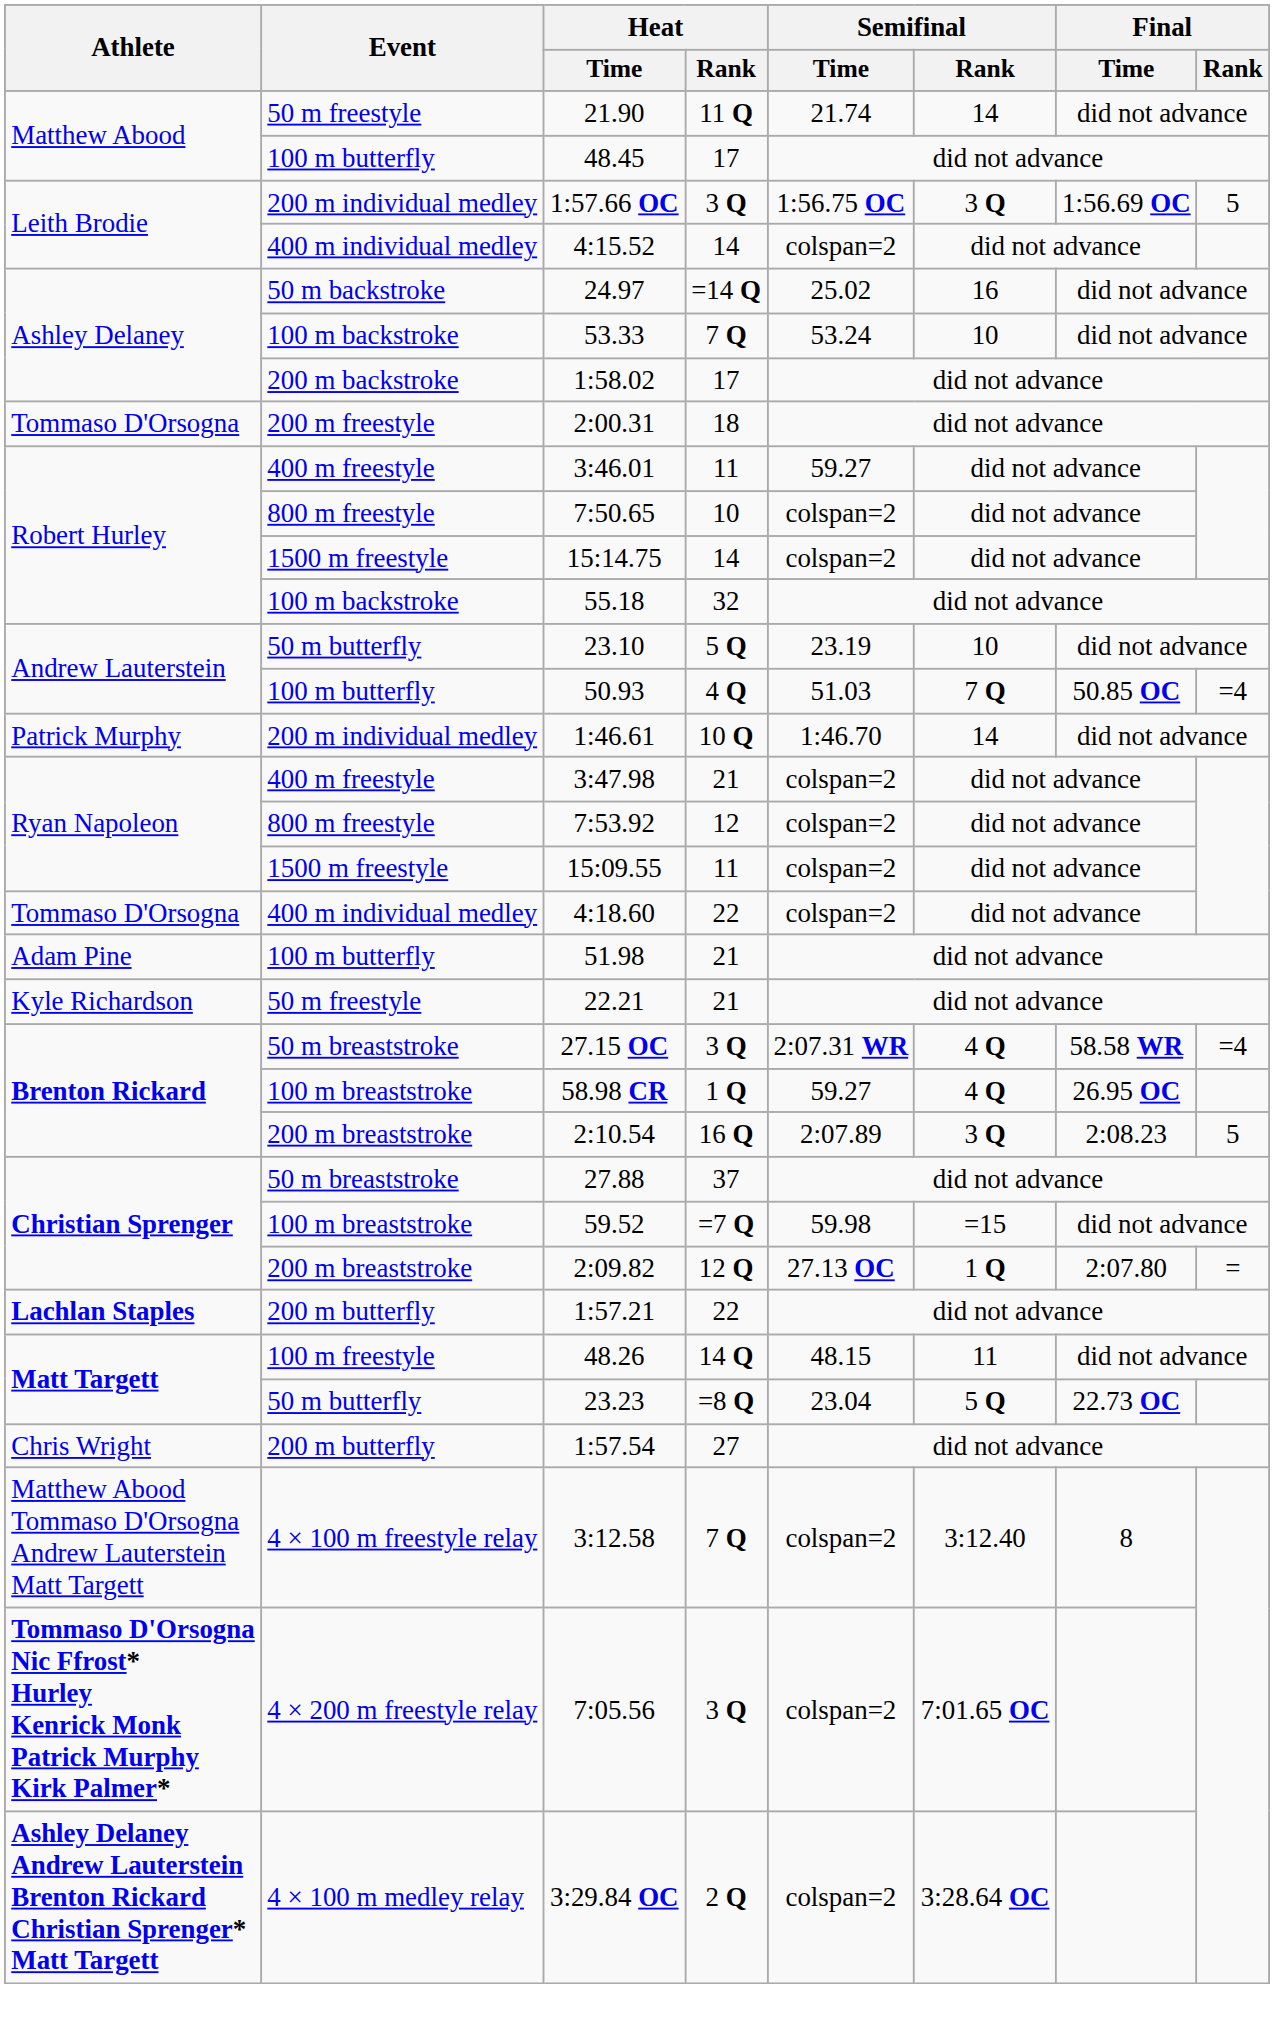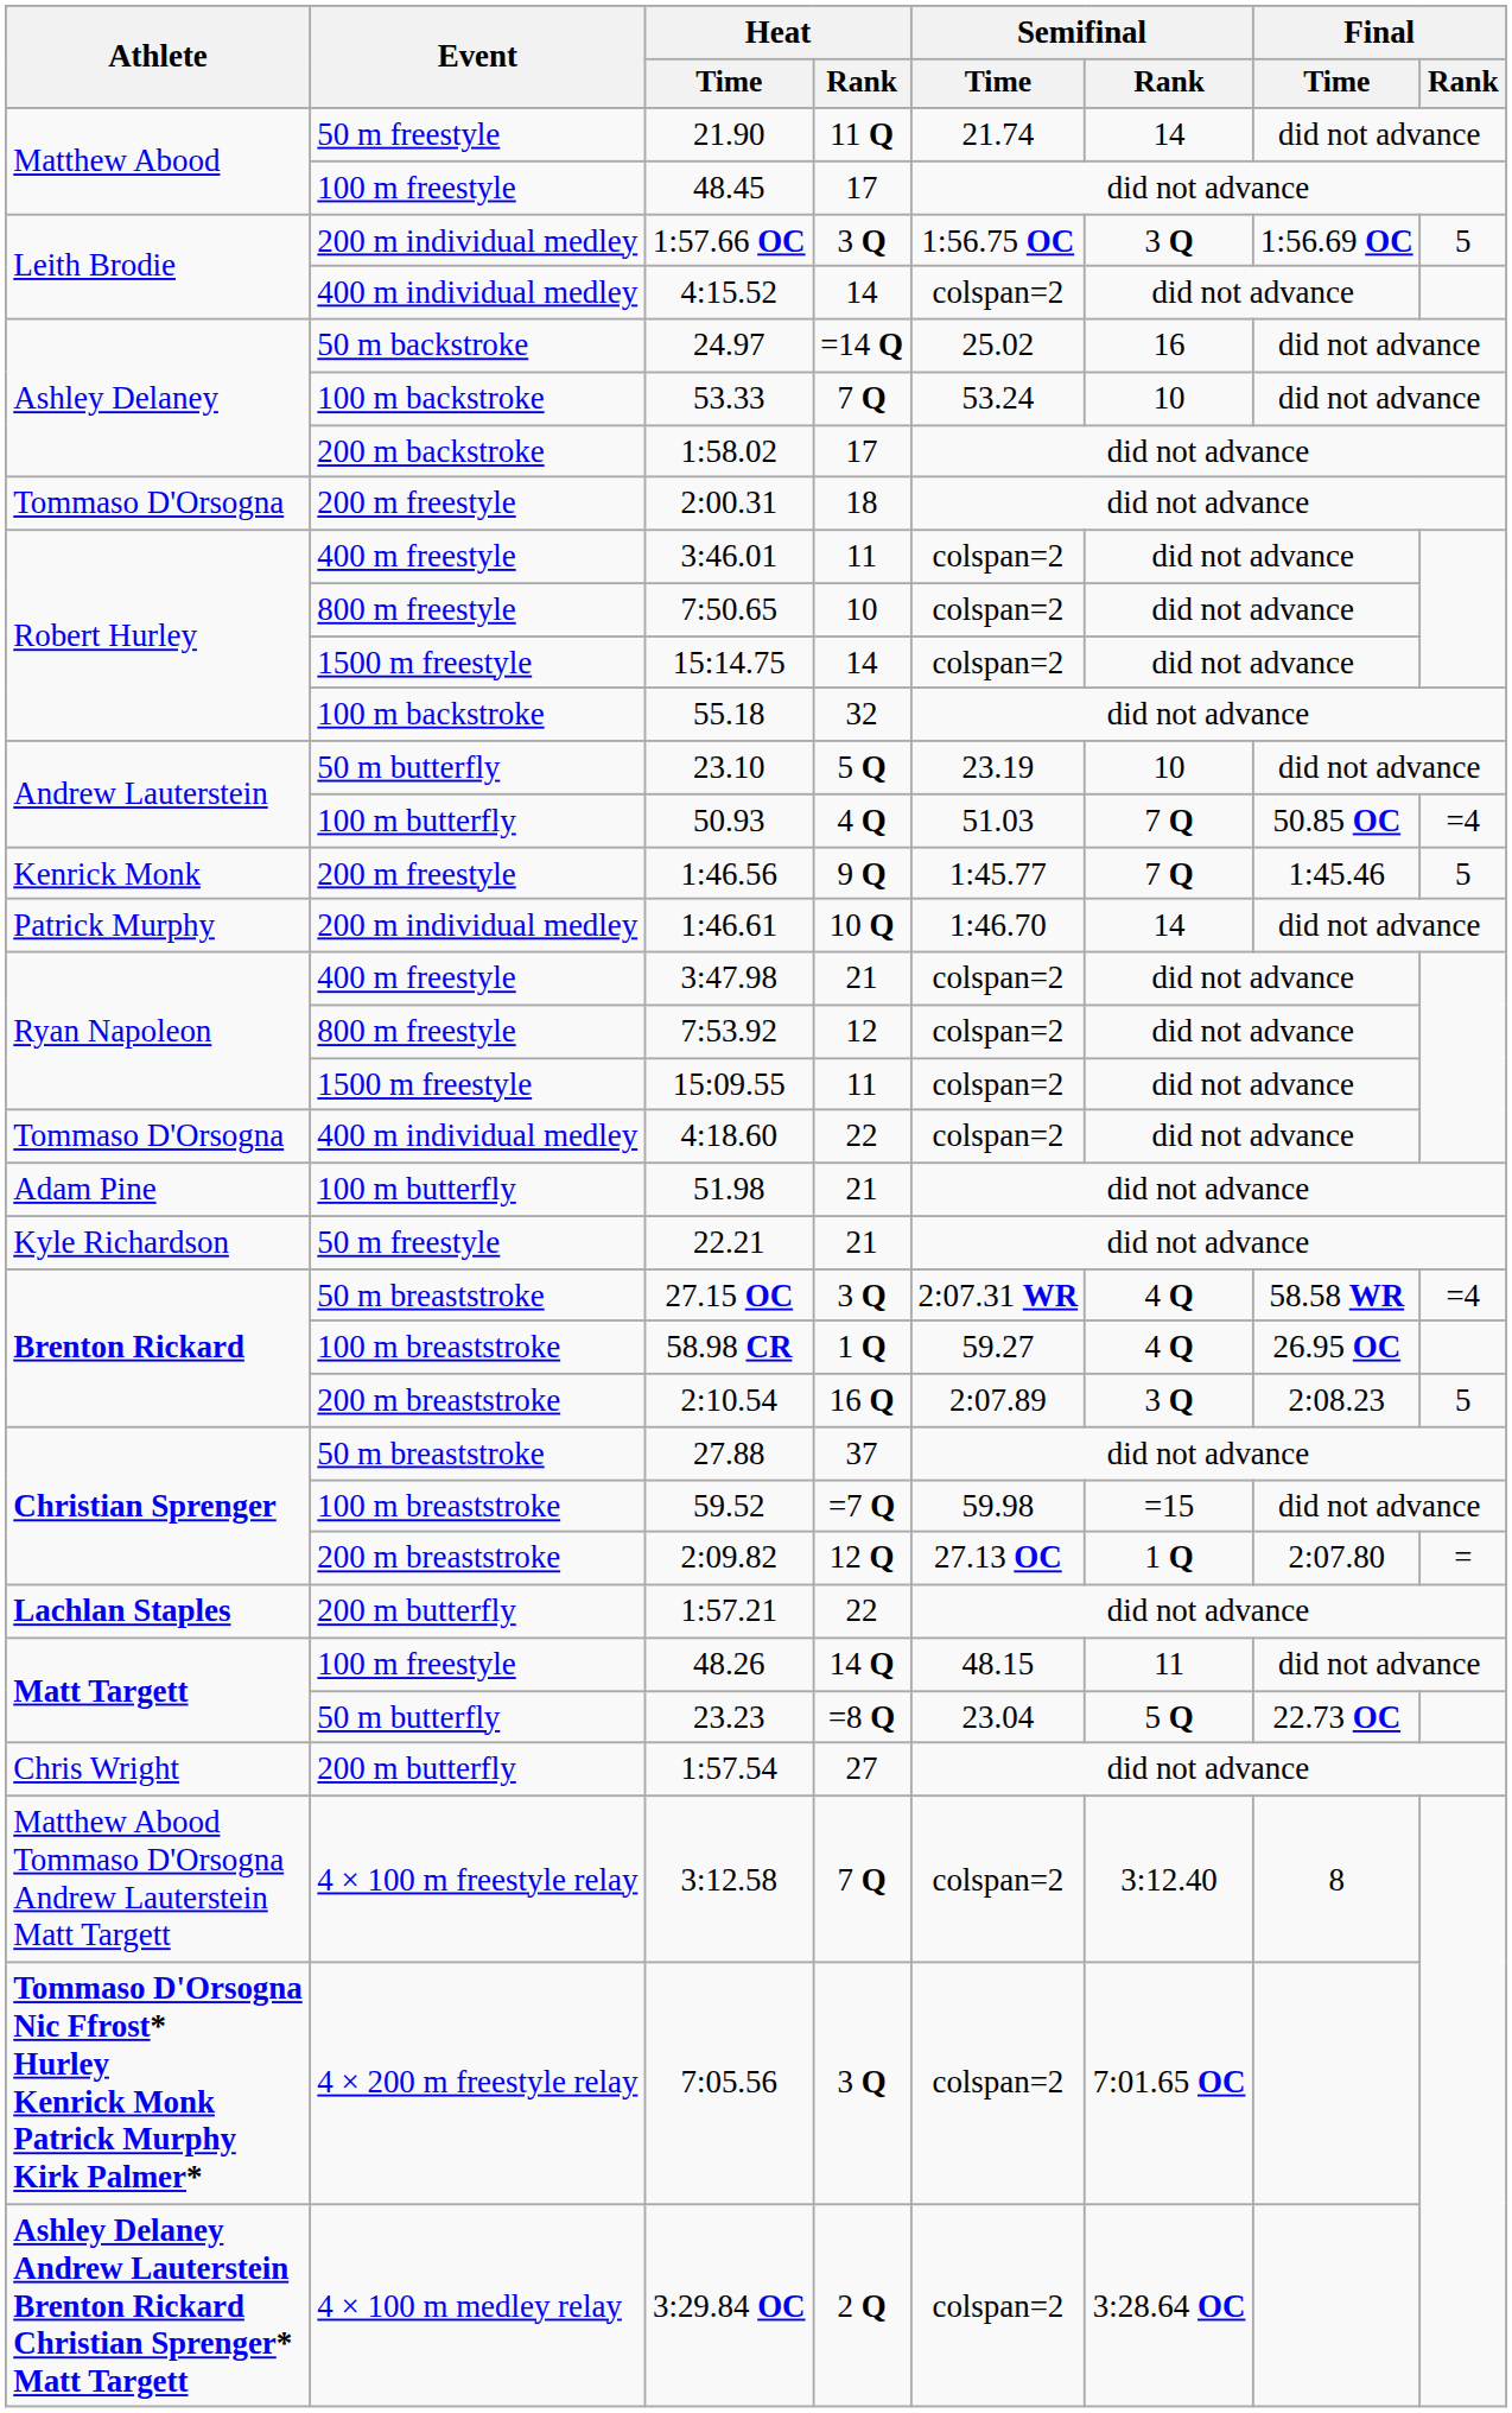 <table class=wikitable style="font-size:90%">
 <tr>
 <th rowspan="2">Athlete</th>
 <th rowspan="2">Event</th>
 <th colspan="2">Heat</th>
 <th colspan="2">Semifinal</th>
 <th colspan="2">Final</th>
 </tr>
 <tr style="font-size:95%">
 <th>Time</th>
 <th>Rank</th>
 <th>Time</th>
 <th>Rank</th>
 <th>Time</th>
 <th>Rank</th>
 </tr>
 <tr align=center>
 <td align=left rowspan=2><a href='#'>Matthew Abood</a></td>
 <td align=left><a href='#'>50 m freestyle</a></td>
 <td>21.90</td>
 <td>11 <strong>Q</strong></td>
 <td>21.74</td>
 <td>14</td>
 <td colspan=2>did not advance</td>
 </tr>
 <tr align=center>
-<td align=left><a href='#'>100 m butterfly</a></td>
+<td align=left><a href='#'>100 m freestyle</a></td>
 <td>48.45</td>
 <td>17</td>
 <td colspan=4>did not advance</td>
 </tr>
 <tr align=center>
 <td align=left rowspan=2><a href='#'>Leith Brodie</a></td>
 <td align=left><a href='#'>200 m individual medley</a></td>
 <td>1:57.66 <strong><a href='#'>OC</a></strong></td>
 <td>3 <strong>Q</strong></td>
 <td>1:56.75 <strong><a href='#'>OC</a></strong></td>
 <td>3 <strong>Q</strong></td>
 <td>1:56.69 <strong><a href='#'>OC</a></strong></td>
 <td>5</td>
 </tr>
 <tr align=center>
 <td align=left><a href='#'>400 m individual medley</a></td>
 <td>4:15.52</td>
 <td>14</td>
 <td>colspan=2 </td>
 <td colspan=2>did not advance</td>
 </tr>
 <tr align=center>
 <td align=left rowspan=3><a href='#'>Ashley Delaney</a></td>
 <td align=left><a href='#'>50 m backstroke</a></td>
 <td>24.97</td>
 <td>=14 <strong>Q</strong></td>
 <td>25.02</td>
 <td>16</td>
 <td colspan=2>did not advance</td>
 </tr>
 <tr align=center>
 <td align=left><a href='#'>100 m backstroke</a></td>
 <td>53.33</td>
 <td>7 <strong>Q</strong></td>
 <td>53.24</td>
 <td>10</td>
 <td colspan=2>did not advance</td>
 </tr>
 <tr align=center>
 <td align=left><a href='#'>200 m backstroke</a></td>
 <td>1:58.02</td>
 <td>17</td>
 <td colspan=4>did not advance</td>
 </tr>
 <tr align=center>
 <td align=left><a href='#'>Tommaso D'Orsogna</a></td>
 <td align=left><a href='#'>200 m freestyle</a></td>
 <td>2:00.31</td>
 <td>18</td>
 <td colspan=4>did not advance</td>
 </tr>
 <tr align=center>
 <td align=left rowspan=4><a href='#'>Robert Hurley</a></td>
 <td align=left><a href='#'>400 m freestyle</a></td>
 <td>3:46.01</td>
 <td>11</td>
-<td>59.27</td>
+<td>colspan=2 </td>
 <td colspan=2>did not advance</td>
 </tr>
 <tr align=center>
 <td align=left><a href='#'>800 m freestyle</a></td>
 <td>7:50.65</td>
 <td>10</td>
 <td>colspan=2 </td>
 <td colspan=2>did not advance</td>
 </tr>
 <tr align=center>
 <td align=left><a href='#'>1500 m freestyle</a></td>
 <td>15:14.75</td>
 <td>14</td>
 <td>colspan=2 </td>
 <td colspan=2>did not advance</td>
 </tr>
 <tr align=center>
 <td align=left><a href='#'>100 m backstroke</a></td>
 <td>55.18</td>
 <td>32</td>
 <td colspan=4>did not advance</td>
 </tr>
 <tr align=center>
 <td align=left rowspan=2><a href='#'>Andrew Lauterstein</a></td>
 <td align=left><a href='#'>50 m butterfly</a></td>
 <td>23.10</td>
 <td>5 <strong>Q</strong></td>
 <td>23.19</td>
 <td>10</td>
 <td colspan=2>did not advance</td>
 </tr>
 <tr align=center>
 <td align=left><a href='#'>100 m butterfly</a></td>
 <td>50.93</td>
 <td>4 <strong>Q</strong></td>
 <td>51.03</td>
 <td>7 <strong>Q</strong></td>
 <td>50.85 <strong><a href='#'>OC</a></strong></td>
 <td>=4</td>
+</tr>
+<tr align=center>
+<td align=left><a href='#'>Kenrick Monk</a></td>
+<td align=left><a href='#'>200 m freestyle</a></td>
+<td>1:46.56</td>
+<td>9 <strong>Q</strong></td>
+<td>1:45.77</td>
+<td>7 <strong>Q</strong></td>
+<td>1:45.46</td>
+<td>5</td>
 </tr>
 <tr align=center>
 <td align=left><a href='#'>Patrick Murphy</a></td>
 <td align=left><a href='#'>200 m individual medley</a></td>
 <td>1:46.61</td>
 <td>10 <strong>Q</strong></td>
 <td>1:46.70</td>
 <td>14</td>
 <td colspan=2>did not advance</td>
 </tr>
 <tr align=center>
 <td align=left rowspan=3><a href='#'>Ryan Napoleon</a></td>
 <td align=left><a href='#'>400 m freestyle</a></td>
 <td>3:47.98</td>
 <td>21</td>
 <td>colspan=2 </td>
 <td colspan=2>did not advance</td>
 </tr>
 <tr align=center>
 <td align=left><a href='#'>800 m freestyle</a></td>
 <td>7:53.92</td>
 <td>12</td>
 <td>colspan=2 </td>
 <td colspan=2>did not advance</td>
 </tr>
 <tr align=center>
 <td align=left><a href='#'>1500 m freestyle</a></td>
 <td>15:09.55</td>
 <td>11</td>
 <td>colspan=2 </td>
 <td colspan=2>did not advance</td>
 </tr>
 <tr align=center>
 <td align=left><a href='#'>Tommaso D'Orsogna</a></td>
 <td align=left><a href='#'>400 m individual medley</a></td>
 <td>4:18.60</td>
 <td>22</td>
 <td>colspan=2 </td>
 <td colspan=2>did not advance</td>
 </tr>
 <tr align=center>
 <td align=left><a href='#'>Adam Pine</a></td>
 <td align=left><a href='#'>100 m butterfly</a></td>
 <td>51.98</td>
 <td>21</td>
 <td colspan=4>did not advance</td>
 </tr>
 <tr align=center>
 <td align=left><a href='#'>Kyle Richardson</a></td>
 <td align=left><a href='#'>50 m freestyle</a></td>
 <td>22.21</td>
 <td>21</td>
 <td colspan=4>did not advance</td>
 </tr>
 <tr align=center>
 <td align=left rowspan=3><strong><a href='#'>Brenton Rickard</a></strong></td>
 <td align=left><a href='#'>50 m breaststroke</a></td>
 <td>27.15 <strong><a href='#'>OC</a></strong></td>
 <td>3 <strong>Q</strong></td>
 <td>2:07.31 <strong><a href='#'>WR</a></strong></td>
 <td>4 <strong>Q</strong></td>
 <td>58.58 <strong><a href='#'>WR</a></strong></td>
 <td>=4</td>
 </tr>
 <tr align=center>
 <td align=left><a href='#'>100 m breaststroke</a></td>
 <td>58.98 <strong><a href='#'>CR</a></strong></td>
 <td>1 <strong>Q</strong></td>
 <td>59.27</td>
 <td>4 <strong>Q</strong></td>
 <td>26.95 <strong><a href='#'>OC</a></strong></td>
 <td></td>
 </tr>
 <tr align=center>
 <td align=left><a href='#'>200 m breaststroke</a></td>
 <td>2:10.54</td>
 <td>16 <strong>Q</strong></td>
 <td>2:07.89</td>
 <td>3 <strong>Q</strong></td>
 <td>2:08.23</td>
 <td>5</td>
 </tr>
 <tr align=center>
 <td align=left rowspan=3><strong><a href='#'>Christian Sprenger</a></strong></td>
 <td align=left><a href='#'>50 m breaststroke</a></td>
 <td>27.88</td>
 <td>37</td>
 <td colspan=4>did not advance</td>
 </tr>
 <tr align=center>
 <td align=left><a href='#'>100 m breaststroke</a></td>
 <td>59.52</td>
 <td>=7 <strong>Q</strong></td>
 <td>59.98</td>
 <td>=15</td>
 <td colspan=2>did not advance</td>
 </tr>
 <tr align=center>
 <td align=left><a href='#'>200 m breaststroke</a></td>
 <td>2:09.82</td>
 <td>12 <strong>Q</strong></td>
 <td>27.13 <strong><a href='#'>OC</a></strong></td>
 <td>1 <strong>Q</strong></td>
 <td>2:07.80</td>
 <td>=</td>
 </tr>
 <tr align=center>
 <td align=left><strong><a href='#'>Lachlan Staples</a></strong></td>
 <td align=left><a href='#'>200 m butterfly</a></td>
 <td>1:57.21</td>
 <td>22</td>
 <td colspan=4>did not advance</td>
 </tr>
 <tr align=center>
 <td align=left rowspan=2><strong><a href='#'>Matt Targett</a></strong></td>
 <td align=left><a href='#'>100 m freestyle</a></td>
 <td>48.26</td>
 <td>14 <strong>Q</strong></td>
 <td>48.15</td>
 <td>11</td>
 <td colspan=2>did not advance</td>
 </tr>
 <tr align=center>
 <td align=left><a href='#'>50 m butterfly</a></td>
 <td>23.23</td>
 <td>=8 <strong>Q</strong></td>
 <td>23.04</td>
 <td>5 <strong>Q</strong></td>
 <td>22.73 <strong><a href='#'>OC</a></strong></td>
 <td></td>
 </tr>
 <tr align=center>
 <td align=left><a href='#'>Chris Wright</a></td>
 <td align=left><a href='#'>200 m butterfly</a></td>
 <td>1:57.54</td>
 <td>27</td>
 <td colspan=4>did not advance</td>
 </tr>
 <tr align=center>
 <td align=left><a href='#'>Matthew Abood</a><br><a href='#'>Tommaso D'Orsogna</a><br><a href='#'>Andrew Lauterstein</a><br><a href='#'>Matt Targett</a></td>
 <td align=left><a href='#'>4 × 100 m freestyle relay</a></td>
 <td>3:12.58</td>
 <td>7 <strong>Q</strong></td>
 <td>colspan=2 </td>
 <td>3:12.40</td>
 <td>8</td>
 </tr>
 <tr align=center>
 <td align=left><strong><a href='#'>Tommaso D'Orsogna</a><br><a href='#'>Nic Ffrost</a>*<br><a href='#'>Hurley</a><br><a href='#'>Kenrick Monk</a><br><a href='#'>Patrick Murphy</a><br><a href='#'>Kirk Palmer</a>*</strong></td>
 <td align=left><a href='#'>4 × 200 m freestyle relay</a></td>
 <td>7:05.56</td>
 <td>3 <strong>Q</strong></td>
 <td>colspan=2 </td>
 <td>7:01.65 <strong><a href='#'>OC</a></strong></td>
 <td></td>
 </tr>
 <tr align=center>
 <td align=left><strong><a href='#'>Ashley Delaney</a><br><a href='#'>Andrew Lauterstein</a><br><a href='#'>Brenton Rickard</a><br><a href='#'>Christian Sprenger</a>*<br><a href='#'>Matt Targett</a></strong></td>
 <td align=left><a href='#'>4 × 100 m medley relay</a></td>
 <td>3:29.84 <strong><a href='#'>OC</a></strong></td>
 <td>2 <strong>Q</strong></td>
 <td>colspan=2 </td>
 <td>3:28.64  <strong><a href='#'>OC</a></strong></td>
 <td></td>
 </tr>
 </table>
